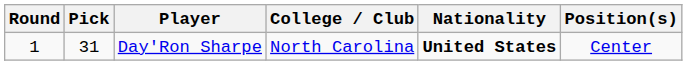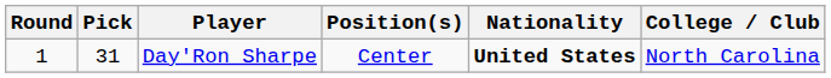 <table class="wikitable sortable sortable">
 <tr>
 <th>Round</th>
 <th>Pick</th>
 <th>Player</th>
+<th>Position(s)</th>
+<th>Nationality</th>
 <th>College / Club</th>
-<th>Nationality</th>
-<th>Position(s)</th>
 </tr>
 <tr style="text-align: center">
 <td>1</td>
 <td>31</td>
 <td><a href='#'>Day'Ron Sharpe</a></td>
+<td><a href='#'>Center</a></td>
+<td><strong> United States</strong></td>
 <td><a href='#'>North Carolina</a></td>
-<td><strong> United States</strong></td>
-<td><a href='#'>Center</a></td>
 </tr>
 </table>
